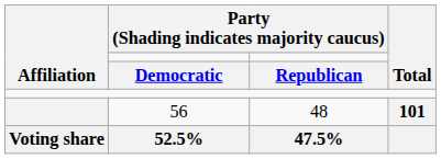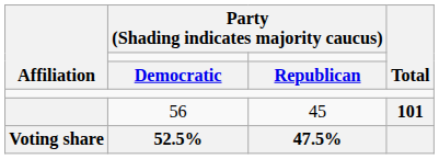 <table class=wikitable style="text-align:center">
 <tr style="vertical-align:bottom;">
 <th rowspan=3>Affiliation</th>
 <th colspan=2>Party <div>(Shading indicates majority caucus)</div></th>
 <th rowspan=3>Total</th>
 </tr>
 <tr style="height:5px">
 <td style="background-color:"></td>
 <td style="background-color:"></td>
 </tr>
 <tr>
 <th><a href='#'>Democratic</a></th>
 <th><a href='#'>Republican</a></th>
 </tr>
 <tr>
 <td colspan=5></td>
 </tr>
 <tr>
 <th nowrap style="font-size:80%"></th>
 <td>56</td>
-<td>48</td>
+<td>45</td>
 <th>101</th>
 </tr>
 <tr>
 <th>Voting share</th>
 <th>52.5%</th>
 <th>47.5%</th>
 <th colspan=2></th>
 </tr>
 </table>
